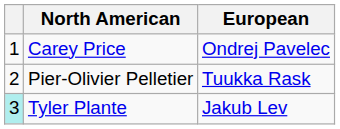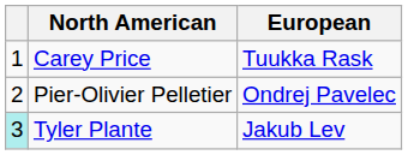 <table class="wikitable">
 <tr>
 <th></th>
 <th>North American</th>
 <th>European</th>
 </tr>
 <tr>
 <td>1</td>
 <td> <a href='#'>Carey Price</a></td>
-<td> <a href='#'>Ondrej Pavelec</a></td>
+<td> <a href='#'>Tuukka Rask</a></td>
 </tr>
 <tr>
 <td>2</td>
 <td> Pier-Olivier Pelletier</td>
-<td> <a href='#'>Tuukka Rask</a></td>
+<td> <a href='#'>Ondrej Pavelec</a></td>
 </tr>
 <tr>
 <td style="background: paleturquoise;">3</td>
 <td> <a href='#'>Tyler Plante</a></td>
 <td> <a href='#'>Jakub Lev</a></td>
 </tr>
 </table>
